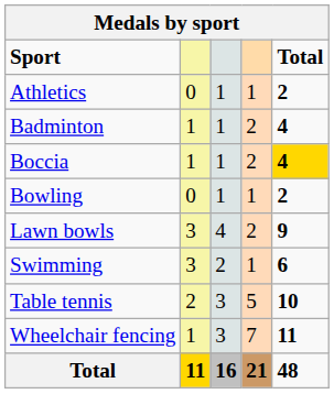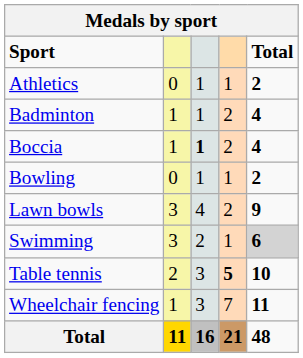 <table class=wikitable style="font-size:95%; ">
 <tr bgcolor=EFEFEF>
 <th colspan=7>Medals by sport</th>
 </tr>
 <tr>
 <td><strong>Sport</strong></td>
 <td bgcolor=F7F6A8></td>
 <td bgcolor=DCE5E5></td>
 <td bgcolor=FFDBA9></td>
 <td><strong>Total</strong></td>
 </tr>
 <tr>
 <td><a href='#'>Athletics</a></td>
 <td bgcolor=F7F6A8>0</td>
 <td bgcolor=DCE5E5>1</td>
 <td bgcolor=FFDAB9>1</td>
 <td><strong>2</strong></td>
 </tr>
 <tr>
 <td><a href='#'>Badminton</a></td>
 <td bgcolor=F7F6A8>1</td>
 <td bgcolor=DCE5E5>1</td>
 <td bgcolor=FFDAB9>2</td>
 <td><strong>4</strong></td>
 </tr>
 <tr>
 <td><a href='#'>Boccia</a></td>
 <td bgcolor=F7F6A8>1</td>
-<td bgcolor=DCE5E5>1</td>
+<td bgcolor=DCE5E5><strong>1</strong></td>
 <td bgcolor=FFDAB9>2</td>
-<td style="background: gold;"><strong>4</strong></td>
+<td><strong>4</strong></td>
 </tr>
 <tr>
 <td><a href='#'>Bowling</a></td>
 <td bgcolor=F7F6A8>0</td>
 <td bgcolor=DCE5E5>1</td>
 <td bgcolor=FFDAB9>1</td>
 <td><strong>2</strong></td>
 </tr>
 <tr>
 <td><a href='#'>Lawn bowls</a></td>
 <td bgcolor=F7F6A8>3</td>
 <td bgcolor=DCE5E5>4</td>
 <td bgcolor=FFDAB9>2</td>
 <td><strong>9</strong></td>
 </tr>
 <tr>
 <td><a href='#'>Swimming</a></td>
 <td bgcolor=F7F6A8>3</td>
 <td bgcolor=DCE5E5>2</td>
 <td bgcolor=FFDAB9>1</td>
-<td><strong>6</strong></td>
+<td style="background: lightgrey;"><strong>6</strong></td>
 </tr>
 <tr>
 <td><a href='#'>Table tennis</a></td>
 <td bgcolor=F7F6A8>2</td>
 <td bgcolor=DCE5E5>3</td>
-<td bgcolor=FFDAB9>5</td>
+<td bgcolor=FFDAB9><strong>5</strong></td>
 <td><strong>10</strong></td>
 </tr>
 <tr>
 <td><a href='#'>Wheelchair fencing</a></td>
 <td bgcolor=F7F6A8>1</td>
 <td bgcolor=DCE5E5>3</td>
 <td bgcolor=FFDAB9>7</td>
 <td><strong>11</strong></td>
 </tr>
 <tr>
 <th>Total</th>
 <td style="background:gold;"><strong>11</strong></td>
 <td style="background:silver;"><strong>16</strong></td>
 <td style="background:#c96;"><strong>21</strong></td>
 <td><strong>48</strong></td>
 </tr>
 </table>
